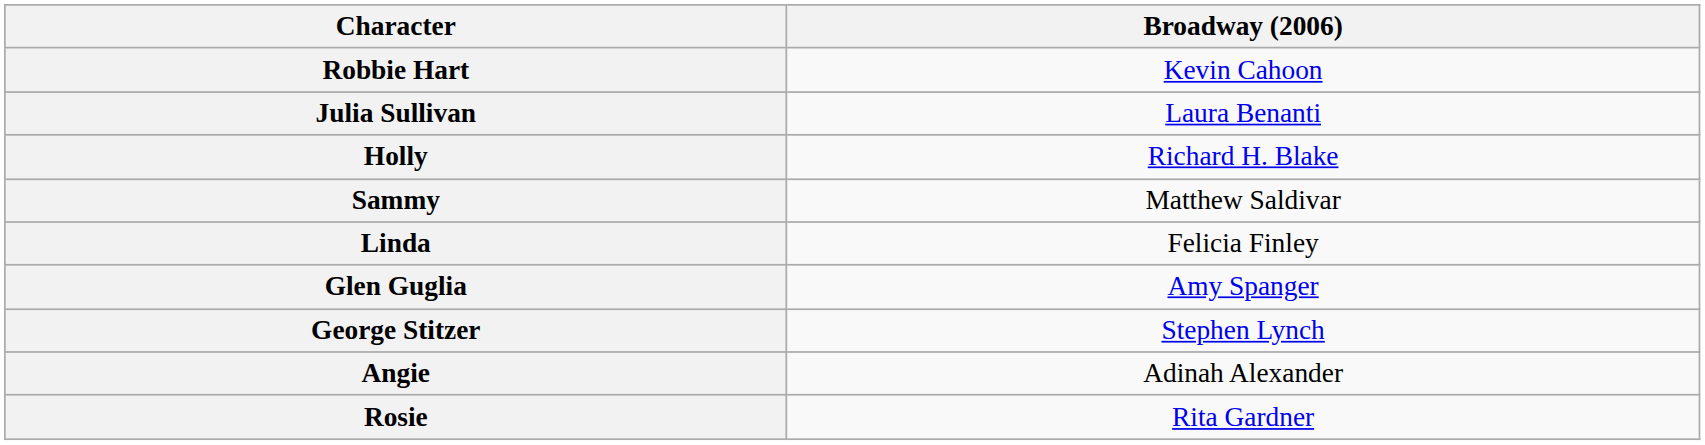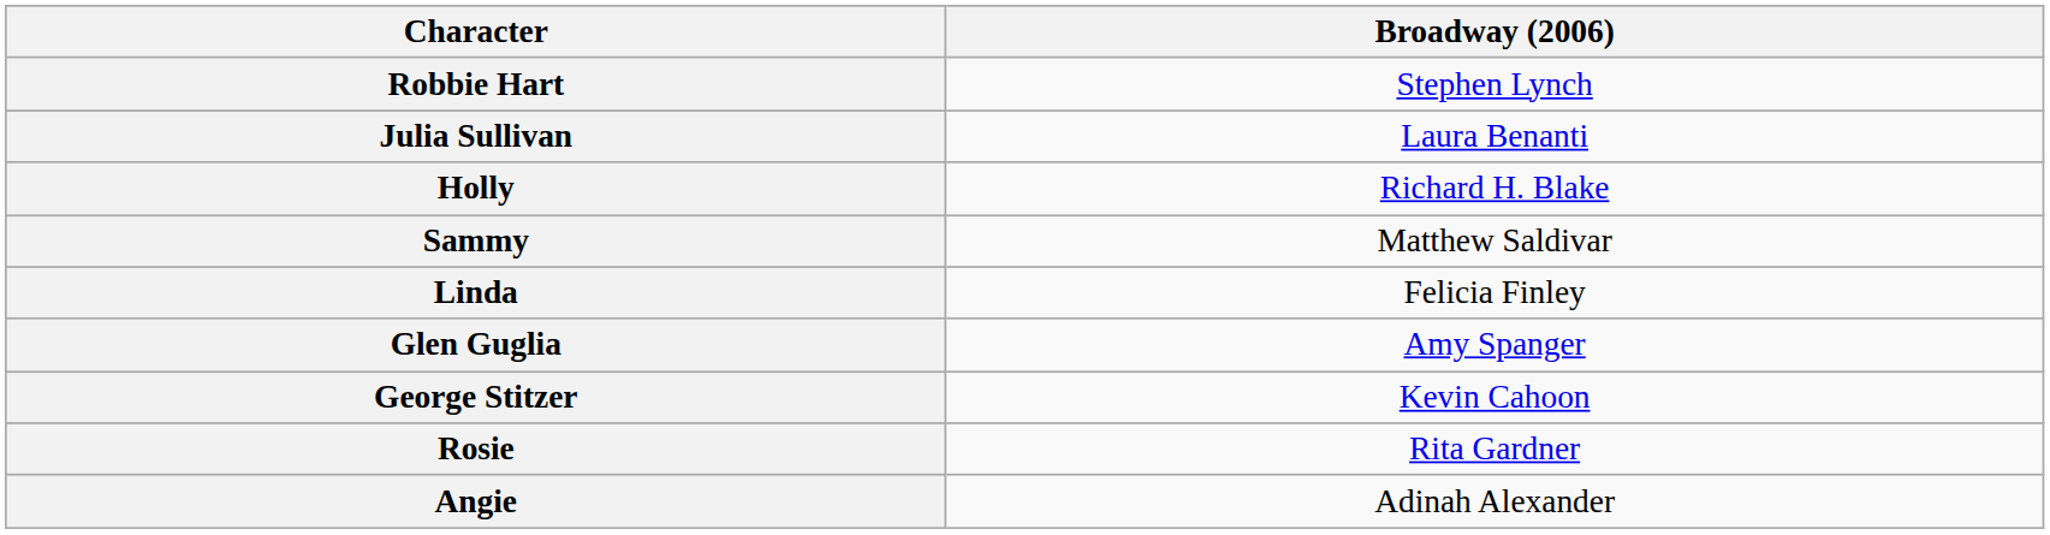 <table class="wikitable" style="width:50%; text-align:center">
 <tr>
 <th scope="col">Character</th>
 <th>Broadway (2006)</th>
 </tr>
 <tr>
 <th>Robbie Hart</th>
-<td colspan="1"><a href='#'>Kevin Cahoon</a></td>
+<td colspan="1"><a href='#'>Stephen Lynch</a></td>
 </tr>
 <tr>
 <th>Julia Sullivan</th>
 <td colspan="1”"><a href='#'>Laura Benanti</a></td>
 </tr>
 <tr>
 <th>Holly</th>
 <td colspan="1"><a href='#'>Richard H. Blake</a></td>
 </tr>
 <tr>
 <th>Sammy</th>
 <td colspan="1”">Matthew Saldivar</td>
 </tr>
 <tr>
 <th>Linda</th>
 <td colspan="1">Felicia Finley</td>
 </tr>
 <tr>
 <th>Glen Guglia</th>
 <td colspan="1”"><a href='#'>Amy Spanger</a></td>
 </tr>
 <tr>
 <th>George Stitzer</th>
-<td colspan="1"><a href='#'>Stephen Lynch</a></td>
+<td colspan="1"><a href='#'>Kevin Cahoon</a></td>
+</tr>
+<tr>
+<th>Rosie</th>
+<td colspan="1"><a href='#'>Rita Gardner</a></td>
 </tr>
 <tr>
 <th>Angie</th>
 <td colspan="1">Adinah Alexander</td>
 </tr>
-<tr>
-<th>Rosie</th>
-<td colspan="1"><a href='#'>Rita Gardner</a></td>
-</tr>
 </table>
